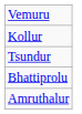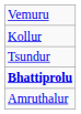 <table class="wikitable sortable static-row-numbers static-row-header-hash">
 <tr>
 <td><a href='#'>Vemuru</a></td>
 </tr>
 <tr>
 <td><a href='#'>Kollur</a></td>
 </tr>
 <tr>
 <td><a href='#'>Tsundur</a></td>
 </tr>
 <tr>
-<td><a href='#'>Bhattiprolu</a></td>
+<td><strong><a href='#'>Bhattiprolu</a></strong></td>
 </tr>
 <tr>
 <td><a href='#'>Amruthalur</a></td>
 </tr>
 </table>
